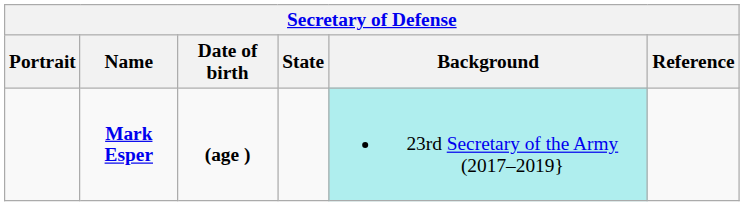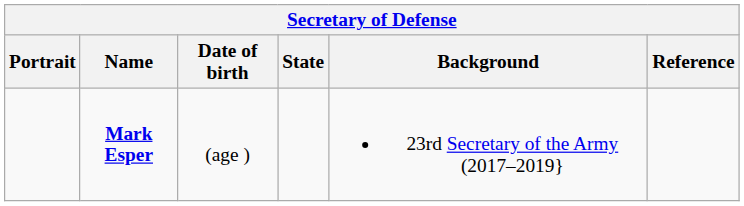 <table class="wikitable collapsible" style="text-align:center;">
 <tr>
 <th colspan="6"><a href='#'>Secretary of Defense</a></th>
 </tr>
 <tr>
 <th>Portrait</th>
 <th>Name</th>
 <th>Date of birth</th>
 <th>State</th>
 <th>Background</th>
 <th>Reference</th>
 </tr>
 <tr>
 <td></td>
 <td><strong><a href='#'>Mark Esper</a></strong></td>
-<td><strong><br>(age )</strong></td>
+<td><br>(age )</td>
 <td></td>
-<td style="background: paleturquoise;"><br><ul><li>23rd <a href='#'>Secretary of the Army</a> (2017–2019}</li></ul></td>
+<td><br><ul><li>23rd <a href='#'>Secretary of the Army</a> (2017–2019}</li></ul></td>
 <td></td>
 </tr>
 </table>
